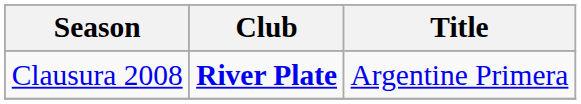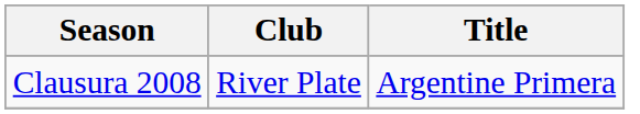 <table class="wikitable" style="text-align: center;">
 <tr>
 <th>Season</th>
 <th>Club</th>
 <th>Title</th>
 </tr>
 <tr>
 <td><a href='#'>Clausura 2008</a></td>
-<td><strong><a href='#'>River Plate</a></strong></td>
+<td><a href='#'>River Plate</a></td>
 <td><a href='#'>Argentine Primera</a></td>
 </tr>
 <tr>
 </tr>
 </table>
